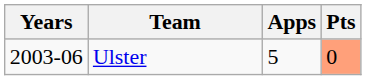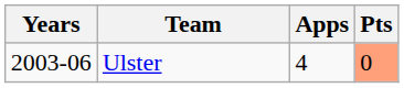 <table class="wikitable" style="text-align:left;">
 <tr>
 <th>Years</th>
 <th width=120px>Team</th>
 <th>Apps</th>
 <th>Pts</th>
 </tr>
 <tr>
 <td>2003-06</td>
 <td><a href='#'>Ulster</a></td>
-<td>5</td>
+<td>4</td>
 <td style="background: lightsalmon;">0</td>
 </tr>
 </table>
